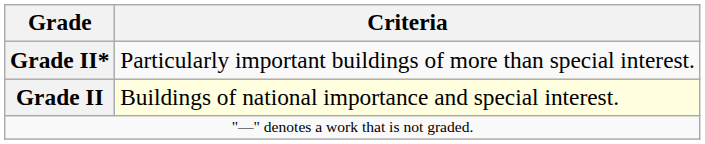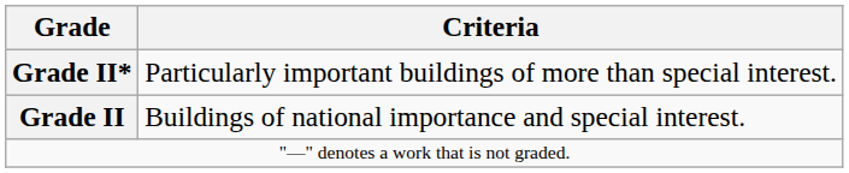 <table class="wikitable" border="1">
 <tr>
 <th>Grade</th>
 <th>Criteria</th>
 </tr>
 <tr>
 <th>Grade II*</th>
 <td>Particularly important buildings of more than special interest.</td>
 </tr>
 <tr>
 <th>Grade II</th>
-<td style="background: lightyellow;">Buildings of national importance and special interest.</td>
+<td>Buildings of national importance and special interest.</td>
 </tr>
 <tr>
 <td align="center" colspan="14" style="font-size: 8pt">"—" denotes a work that is not graded.</td>
 </tr>
 </table>
